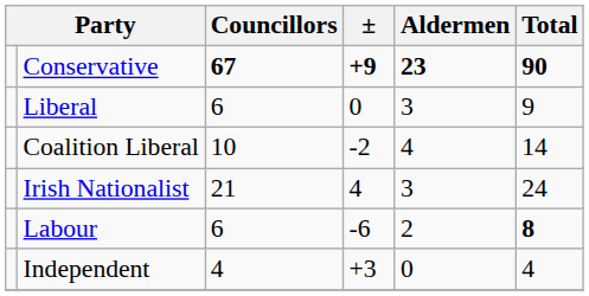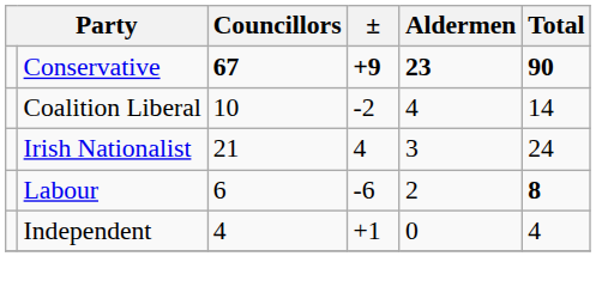 <table class="wikitable">
 <tr>
 <th colspan="2">Party</th>
 <th>Councillors</th>
 <th>  ±  </th>
 <th>Aldermen</th>
 <th>Total</th>
 </tr>
 <tr>
 <td style="background-color: "></td>
 <td><a href='#'>Conservative</a></td>
 <td><strong>67</strong></td>
 <td><strong>+9</strong></td>
 <td><strong>23</strong></td>
 <td><strong>90</strong></td>
-</tr>
-<tr>
-<td style="background-color: "></td>
-<td><a href='#'>Liberal</a></td>
-<td>6</td>
-<td>0</td>
-<td>3</td>
-<td>9</td>
 </tr>
 <tr>
 <td style="background-color: "></td>
 <td>Coalition Liberal</td>
 <td>10</td>
 <td>-2</td>
 <td>4</td>
 <td>14</td>
 </tr>
 <tr>
 <td style="background-color: "></td>
 <td><a href='#'>Irish Nationalist</a></td>
 <td>21</td>
 <td>4</td>
 <td>3</td>
 <td>24</td>
 </tr>
 <tr>
 <td style="background-color: "></td>
 <td><a href='#'>Labour</a></td>
 <td>6</td>
 <td>-6</td>
 <td>2</td>
 <td><strong>8</strong></td>
 </tr>
 <tr>
 <td style="background-color: "></td>
 <td>Independent</td>
 <td>4</td>
-<td>+3</td>
+<td>+1</td>
 <td>0</td>
 <td>4</td>
 </tr>
 <tr>
 </tr>
 </table>
